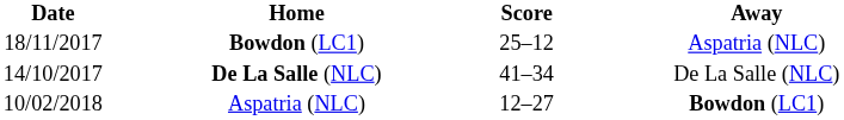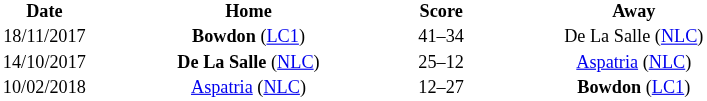 <table style="text-align: center">
 <tr>
 <th width=100 align=centre>Date</th>
 <th width=250 align=centre>Home</th>
 <th width=80 align=centre>Score</th>
 <th width=250 align=centre>Away</th>
 </tr>
 <tr>
 <td>18/11/2017</td>
 <td><strong>Bowdon</strong> (<a href='#'>LC1</a>)</td>
-<td>25–12</td>
-<td><a href='#'>Aspatria</a> (<a href='#'>NLC</a>)</td>
+<td>41–34</td>
+<td>De La Salle (<a href='#'>NLC</a>)</td>
 </tr>
 <tr>
 <td>14/10/2017</td>
 <td><strong>De La Salle</strong> (<a href='#'>NLC</a>)</td>
-<td>41–34</td>
-<td>De La Salle (<a href='#'>NLC</a>)</td>
+<td>25–12</td>
+<td><a href='#'>Aspatria</a> (<a href='#'>NLC</a>)</td>
 </tr>
 <tr>
 <td>10/02/2018</td>
 <td><a href='#'>Aspatria</a> (<a href='#'>NLC</a>)</td>
 <td>12–27</td>
 <td><strong>Bowdon</strong> (<a href='#'>LC1</a>)</td>
 </tr>
 <tr>
 </tr>
 </table>
